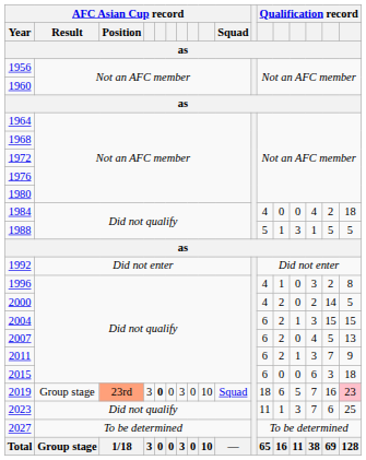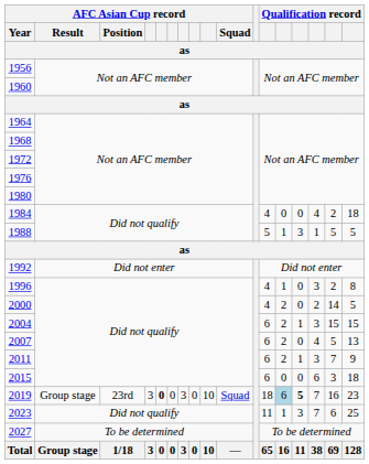 <table class="wikitable" style="text-align: center;">
 <tr>
 <th colspan=10><a href='#'>AFC Asian Cup</a> record</th>
 <th rowspan=2></th>
 <th colspan=6><a href='#'>Qualification</a> record</th>
 </tr>
 <tr>
 <th>Year</th>
 <th>Result</th>
 <th>Position</th>
 <th></th>
 <th></th>
 <th></th>
 <th></th>
 <th></th>
 <th></th>
 <th>Squad</th>
 <th></th>
 <th></th>
 <th></th>
 <th></th>
 <th></th>
 <th></th>
 </tr>
 <tr>
 <th colspan=17>as </th>
 </tr>
 <tr>
 <td> <a href='#'>1956</a></td>
 <td rowspan=2 colspan=9><em>Not an AFC member</em></td>
 <th rowspan=2></th>
 <td rowspan=2 colspan=6><em>Not an AFC member</em></td>
 </tr>
 <tr>
 <td> <a href='#'>1960</a></td>
 </tr>
 <tr>
 <th colspan=17>as </th>
 </tr>
 <tr>
 <td> <a href='#'>1964</a></td>
 <td rowspan=5 colspan=9><em>Not an AFC member</em></td>
 <th rowspan=7></th>
 <td rowspan=5 colspan=6><em>Not an AFC member</em></td>
 </tr>
 <tr>
 <td> <a href='#'>1968</a></td>
 </tr>
 <tr>
 <td> <a href='#'>1972</a></td>
 </tr>
 <tr>
 <td> <a href='#'>1976</a></td>
 </tr>
 <tr>
 <td> <a href='#'>1980</a></td>
 </tr>
 <tr>
 <td> <a href='#'>1984</a></td>
 <td colspan=9 rowspan=2><em>Did not qualify</em></td>
 <td>4</td>
 <td>0</td>
 <td>0</td>
 <td>4</td>
 <td>2</td>
 <td>18</td>
 </tr>
 <tr>
 <td> <a href='#'>1988</a></td>
 <td>5</td>
 <td>1</td>
 <td>3</td>
 <td>1</td>
 <td>5</td>
 <td>5</td>
 </tr>
 <tr>
 <th colspan=17>as </th>
 </tr>
 <tr>
 <td> <a href='#'>1992</a></td>
 <td colspan=9><em>Did not enter</em></td>
 <th rowspan=30></th>
 <td colspan=6><em>Did not enter</em></td>
 </tr>
 <tr>
 <td> <a href='#'>1996</a></td>
 <td colspan=9 rowspan=6><em>Did not qualify</em></td>
 <td>4</td>
 <td>1</td>
 <td>0</td>
 <td>3</td>
 <td>2</td>
 <td>8</td>
 </tr>
 <tr>
 <td> <a href='#'>2000</a></td>
 <td>4</td>
 <td>2</td>
 <td>0</td>
 <td>2</td>
 <td>14</td>
 <td>5</td>
 </tr>
 <tr>
 <td> <a href='#'>2004</a></td>
 <td>6</td>
 <td>2</td>
 <td>1</td>
 <td>3</td>
 <td>15</td>
 <td>15</td>
 </tr>
 <tr>
 <td>    <a href='#'>2007</a></td>
 <td>6</td>
 <td>2</td>
 <td>0</td>
 <td>4</td>
 <td>5</td>
 <td>13</td>
 </tr>
 <tr>
 <td> <a href='#'>2011</a></td>
 <td>6</td>
 <td>2</td>
 <td>1</td>
 <td>3</td>
 <td>7</td>
 <td>9</td>
 </tr>
 <tr>
 <td> <a href='#'>2015</a></td>
 <td>6</td>
 <td>0</td>
 <td>0</td>
 <td>6</td>
 <td>3</td>
 <td>18</td>
 </tr>
 <tr>
 <td> <a href='#'>2019</a></td>
 <td>Group stage</td>
-<td style="background: lightsalmon;">23rd</td>
+<td>23rd</td>
 <td>3</td>
 <td><strong>0</strong></td>
 <td>0</td>
 <td>3</td>
 <td>0</td>
 <td>10</td>
 <td><a href='#'>Squad</a></td>
 <td>18</td>
-<td>6</td>
-<td>5</td>
+<td style="background: lightblue;">6</td>
+<td><strong>5</strong></td>
 <td>7</td>
 <td>16</td>
-<td style="background: pink;">23</td>
+<td>23</td>
 </tr>
 <tr>
 <td> <a href='#'>2023</a></td>
 <td colspan=9><em>Did not qualify</em></td>
 <td>11</td>
 <td>1</td>
 <td>3</td>
 <td>7</td>
 <td>6</td>
 <td>25</td>
 </tr>
 <tr>
 <td> <a href='#'>2027</a></td>
 <td colspan=9><em>To be determined</em></td>
 <td colspan=6><em>To be determined</em></td>
 </tr>
 <tr>
 <th>Total</th>
 <th>Group stage</th>
 <th>1/18</th>
 <th>3</th>
 <th>0</th>
 <th>0</th>
 <th>3</th>
 <th>0</th>
 <th>10</th>
 <th>—</th>
 <th>65</th>
 <th>16</th>
 <th>11</th>
 <th>38</th>
 <th>69</th>
 <th>128</th>
 </tr>
 </table>
